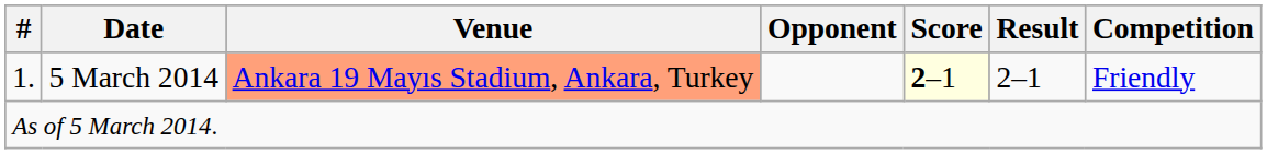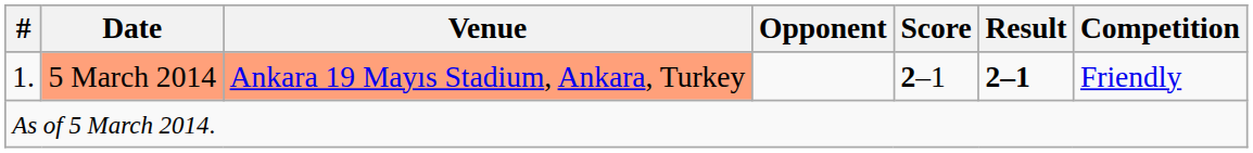 <table class="wikitable">
 <tr>
 <th>#</th>
 <th>Date</th>
 <th>Venue</th>
 <th>Opponent</th>
 <th>Score</th>
 <th>Result</th>
 <th>Competition</th>
 </tr>
 <tr>
 <td>1.</td>
-<td>5 March 2014</td>
+<td style="background: lightsalmon;">5 March 2014</td>
 <td style="background: lightsalmon;"><a href='#'>Ankara 19 Mayıs Stadium</a>, <a href='#'>Ankara</a>, Turkey</td>
 <td></td>
-<td style="background: lightyellow;"><strong>2</strong>–1</td>
-<td>2–1</td>
+<td><strong>2</strong>–1</td>
+<td><strong>2–1</strong></td>
 <td><a href='#'>Friendly</a></td>
 </tr>
 <tr>
 <td colspan="12"><small><em>As of 5 March 2014</em>.</small></td>
 </tr>
 </table>
